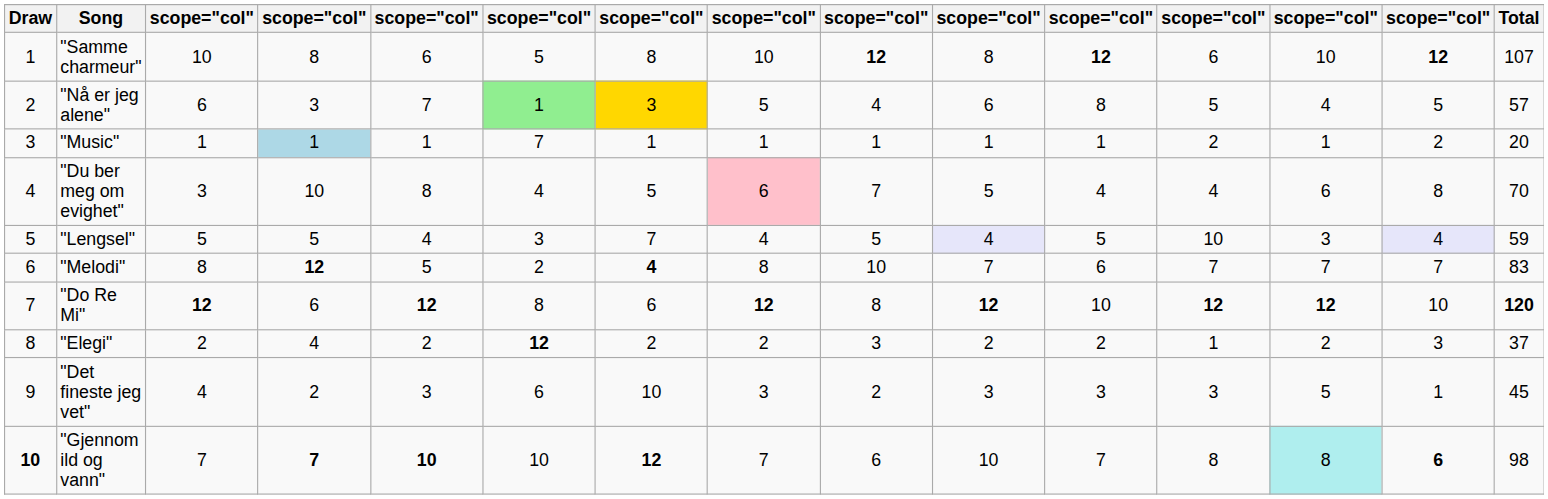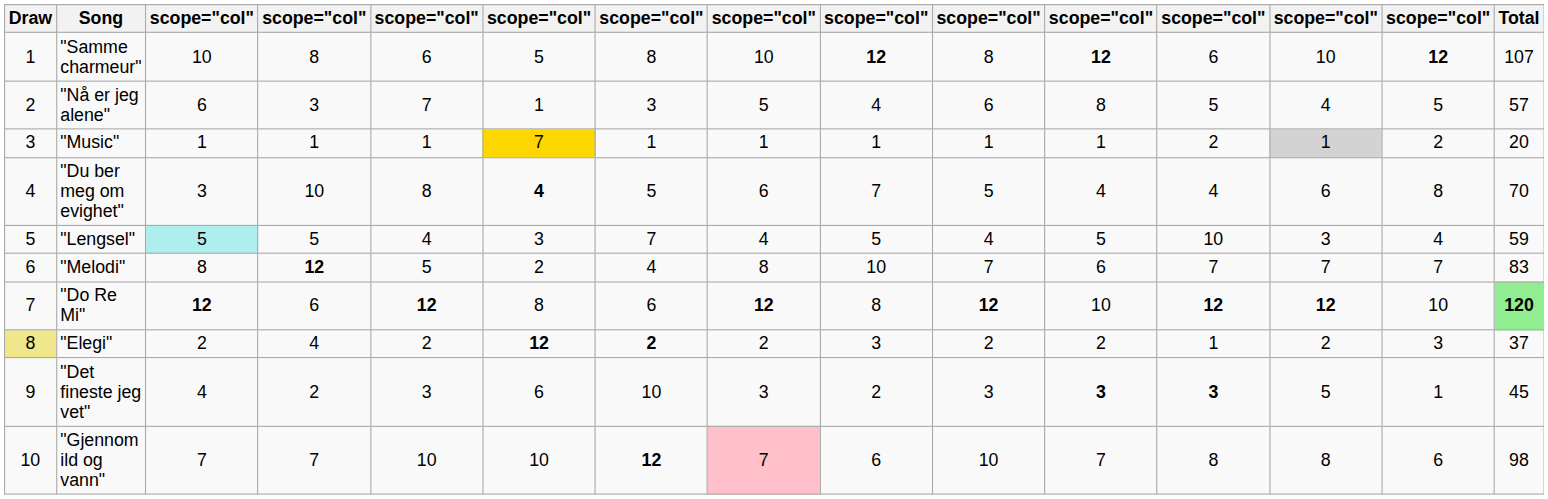 <table class="wikitable plainrowheaders" style="margin: 1em auto 1em auto; text-align:center;">
 <tr>
 </tr>
 <tr>
 <th scope="col">Draw</th>
 <th scope="col">Song</th>
 <th>scope="col" </th>
 <th>scope="col" </th>
 <th>scope="col" </th>
 <th>scope="col" </th>
 <th>scope="col" </th>
 <th>scope="col" </th>
 <th>scope="col" </th>
 <th>scope="col" </th>
 <th>scope="col" </th>
 <th>scope="col" </th>
 <th>scope="col" </th>
 <th>scope="col" </th>
 <th scope="col">Total</th>
 </tr>
 <tr>
 <td>1</td>
 <td align="left">"Samme charmeur"</td>
 <td>10</td>
 <td>8</td>
 <td>6</td>
 <td>5</td>
 <td>8</td>
 <td>10</td>
 <td><strong>12</strong></td>
 <td>8</td>
 <td><strong>12</strong></td>
 <td>6</td>
 <td>10</td>
 <td><strong>12</strong></td>
 <td>107</td>
 </tr>
 <tr>
 <td>2</td>
 <td align="left">"Nå er jeg alene"</td>
 <td>6</td>
 <td>3</td>
 <td>7</td>
-<td style="background: lightgreen;">1</td>
-<td style="background: gold;">3</td>
+<td>1</td>
+<td>3</td>
 <td>5</td>
 <td>4</td>
 <td>6</td>
 <td>8</td>
 <td>5</td>
 <td>4</td>
 <td>5</td>
 <td>57</td>
 </tr>
 <tr>
 <td>3</td>
 <td align="left">"Music"</td>
 <td>1</td>
-<td style="background: lightblue;">1</td>
 <td>1</td>
-<td>7</td>
+<td>1</td>
+<td style="background: gold;">7</td>
 <td>1</td>
 <td>1</td>
 <td>1</td>
 <td>1</td>
 <td>1</td>
 <td>2</td>
-<td>1</td>
+<td style="background: lightgrey;">1</td>
 <td>2</td>
 <td>20</td>
 </tr>
 <tr>
 <td>4</td>
 <td align="left">"Du ber meg om evighet"</td>
 <td>3</td>
 <td>10</td>
 <td>8</td>
-<td>4</td>
+<td><strong>4</strong></td>
 <td>5</td>
-<td style="background: pink;">6</td>
+<td>6</td>
 <td>7</td>
 <td>5</td>
 <td>4</td>
 <td>4</td>
 <td>6</td>
 <td>8</td>
 <td>70</td>
 </tr>
 <tr>
 <td>5</td>
 <td align="left">"Lengsel"</td>
-<td>5</td>
+<td style="background: paleturquoise;">5</td>
 <td>5</td>
 <td>4</td>
 <td>3</td>
 <td>7</td>
 <td>4</td>
 <td>5</td>
-<td style="background: lavender;">4</td>
+<td>4</td>
 <td>5</td>
 <td>10</td>
 <td>3</td>
-<td style="background: lavender;">4</td>
+<td>4</td>
 <td>59</td>
 </tr>
 <tr>
 <td>6</td>
 <td align="left">"Melodi"</td>
 <td>8</td>
 <td><strong>12</strong></td>
 <td>5</td>
 <td>2</td>
-<td><strong>4</strong></td>
+<td>4</td>
 <td>8</td>
 <td>10</td>
 <td>7</td>
 <td>6</td>
 <td>7</td>
 <td>7</td>
 <td>7</td>
 <td>83</td>
 </tr>
 <tr>
 <td>7</td>
 <td align="left">"Do Re Mi"</td>
 <td><strong>12</strong></td>
 <td>6</td>
 <td><strong>12</strong></td>
 <td>8</td>
 <td>6</td>
 <td><strong>12</strong></td>
 <td>8</td>
 <td><strong>12</strong></td>
 <td>10</td>
 <td><strong>12</strong></td>
 <td><strong>12</strong></td>
 <td>10</td>
-<td><strong>120</strong></td>
+<td style="background: lightgreen;"><strong>120</strong></td>
 </tr>
 <tr>
-<td>8</td>
+<td style="background: khaki;">8</td>
 <td align="left">"Elegi"</td>
 <td>2</td>
 <td>4</td>
 <td>2</td>
 <td><strong>12</strong></td>
-<td>2</td>
+<td><strong>2</strong></td>
 <td>2</td>
 <td>3</td>
 <td>2</td>
 <td>2</td>
 <td>1</td>
 <td>2</td>
 <td>3</td>
 <td>37</td>
 </tr>
 <tr>
 <td>9</td>
 <td align="left">"Det fineste jeg vet"</td>
 <td>4</td>
 <td>2</td>
 <td>3</td>
 <td>6</td>
 <td>10</td>
 <td>3</td>
 <td>2</td>
 <td>3</td>
-<td>3</td>
-<td>3</td>
+<td><strong>3</strong></td>
+<td><strong>3</strong></td>
 <td>5</td>
 <td>1</td>
 <td>45</td>
 </tr>
 <tr>
-<td><strong>10</strong></td>
+<td>10</td>
 <td align="left">"Gjennom ild og vann"</td>
 <td>7</td>
-<td><strong>7</strong></td>
-<td><strong>10</strong></td>
+<td>7</td>
+<td>10</td>
 <td>10</td>
 <td><strong>12</strong></td>
-<td>7</td>
+<td style="background: pink;">7</td>
 <td>6</td>
 <td>10</td>
 <td>7</td>
 <td>8</td>
-<td style="background: paleturquoise;">8</td>
-<td><strong>6</strong></td>
+<td>8</td>
+<td>6</td>
 <td>98</td>
 </tr>
 </table>
